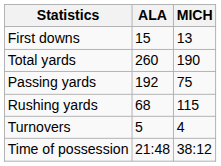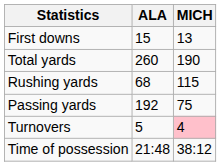 <table class="wikitable" style="float: left;">
 <tr>
 <th>Statistics</th>
 <th>ALA</th>
 <th>MICH</th>
 </tr>
 <tr>
 <td>First downs</td>
 <td>15</td>
 <td>13</td>
 </tr>
 <tr>
 <td>Total yards</td>
 <td>260</td>
 <td>190</td>
 </tr>
 <tr>
+<td>Rushing yards</td>
+<td>68</td>
+<td>115</td>
+</tr>
+<tr>
 <td>Passing yards</td>
 <td>192</td>
 <td>75</td>
 </tr>
 <tr>
-<td>Rushing yards</td>
-<td>68</td>
-<td>115</td>
-</tr>
-<tr>
 <td>Turnovers</td>
 <td>5</td>
-<td>4</td>
+<td style="background: pink;">4</td>
 </tr>
 <tr>
 <td>Time of possession</td>
 <td>21:48</td>
 <td>38:12</td>
 </tr>
 </table>
